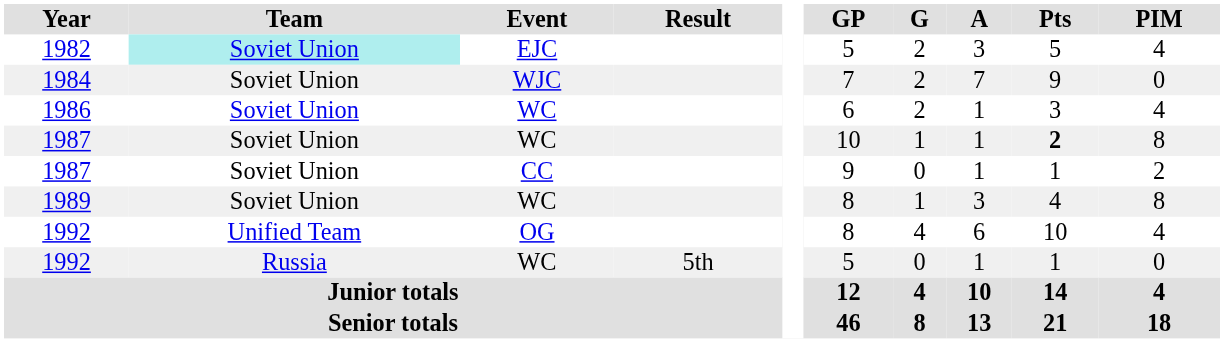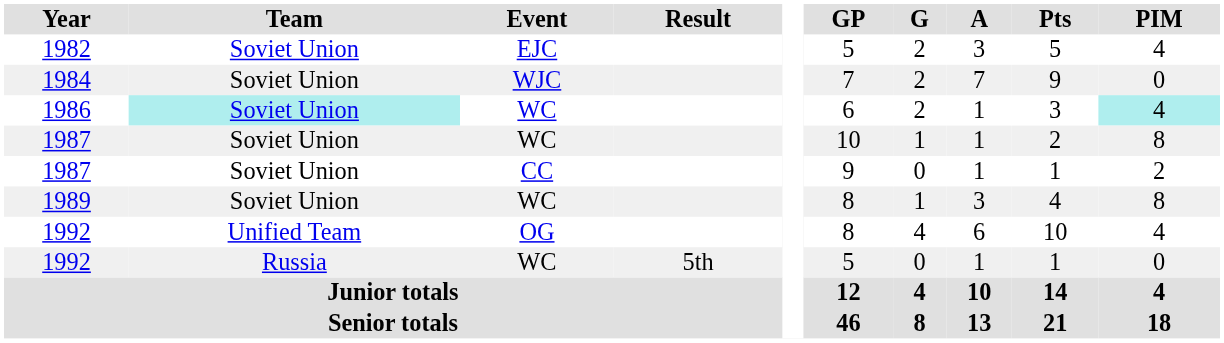 <table border="0" cellpadding="1" cellspacing="0" style="text-align:center; width:50em">
 <tr ALIGN="center" bgcolor="#e0e0e0">
 <th>Year</th>
 <th>Team</th>
 <th>Event</th>
 <th>Result</th>
 <th ALIGN="center" rowspan="99" bgcolor="#ffffff"> </th>
 <th>GP</th>
 <th>G</th>
 <th>A</th>
 <th>Pts</th>
 <th>PIM</th>
 </tr>
 <tr>
 <td><a href='#'>1982</a></td>
-<td style="background: paleturquoise;"><a href='#'>Soviet Union</a></td>
+<td><a href='#'>Soviet Union</a></td>
 <td><a href='#'>EJC</a></td>
 <td></td>
 <td>5</td>
 <td>2</td>
 <td>3</td>
 <td>5</td>
 <td>4</td>
 </tr>
 <tr bgcolor="#f0f0f0">
 <td><a href='#'>1984</a></td>
 <td>Soviet Union</td>
 <td><a href='#'>WJC</a></td>
 <td></td>
 <td>7</td>
 <td>2</td>
 <td>7</td>
 <td>9</td>
 <td>0</td>
 </tr>
 <tr>
 <td><a href='#'>1986</a></td>
-<td><a href='#'>Soviet Union</a></td>
+<td style="background: paleturquoise;"><a href='#'>Soviet Union</a></td>
 <td><a href='#'>WC</a></td>
 <td></td>
 <td>6</td>
 <td>2</td>
 <td>1</td>
 <td>3</td>
-<td>4</td>
+<td style="background: paleturquoise;">4</td>
 </tr>
 <tr bgcolor="#f0f0f0">
 <td><a href='#'>1987</a></td>
 <td>Soviet Union</td>
 <td>WC</td>
 <td></td>
 <td>10</td>
 <td>1</td>
 <td>1</td>
-<td><strong>2</strong></td>
+<td>2</td>
 <td>8</td>
 </tr>
 <tr>
 <td><a href='#'>1987</a></td>
 <td>Soviet Union</td>
 <td><a href='#'>CC</a></td>
 <td></td>
 <td>9</td>
 <td>0</td>
 <td>1</td>
 <td>1</td>
 <td>2</td>
 </tr>
 <tr bgcolor="#f0f0f0">
 <td><a href='#'>1989</a></td>
 <td>Soviet Union</td>
 <td>WC</td>
 <td></td>
 <td>8</td>
 <td>1</td>
 <td>3</td>
 <td>4</td>
 <td>8</td>
 </tr>
 <tr>
 <td><a href='#'>1992</a></td>
 <td><a href='#'>Unified Team</a></td>
 <td><a href='#'>OG</a></td>
 <td></td>
 <td>8</td>
 <td>4</td>
 <td>6</td>
 <td>10</td>
 <td>4</td>
 </tr>
 <tr bgcolor="#f0f0f0">
 <td><a href='#'>1992</a></td>
 <td><a href='#'>Russia</a></td>
 <td>WC</td>
 <td>5th</td>
 <td>5</td>
 <td>0</td>
 <td>1</td>
 <td>1</td>
 <td>0</td>
 </tr>
 <tr bgcolor="#e0e0e0">
 <th colspan=4>Junior totals</th>
 <th>12</th>
 <th>4</th>
 <th>10</th>
 <th>14</th>
 <th>4</th>
 </tr>
 <tr bgcolor="#e0e0e0">
 <th colspan=4>Senior totals</th>
 <th>46</th>
 <th>8</th>
 <th>13</th>
 <th>21</th>
 <th>18</th>
 </tr>
 </table>
